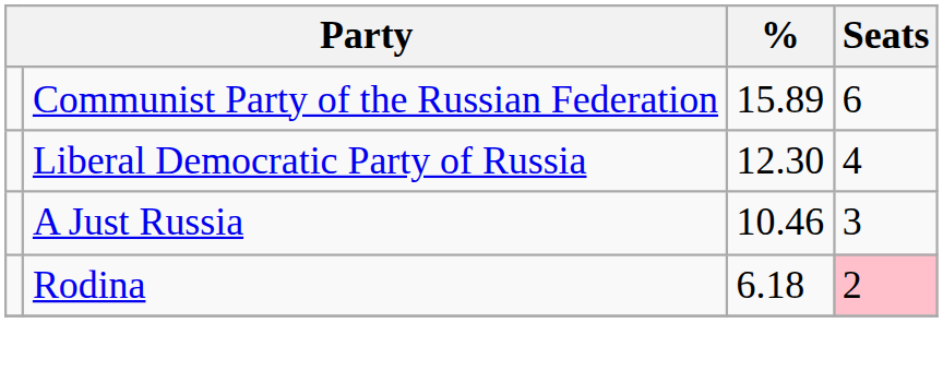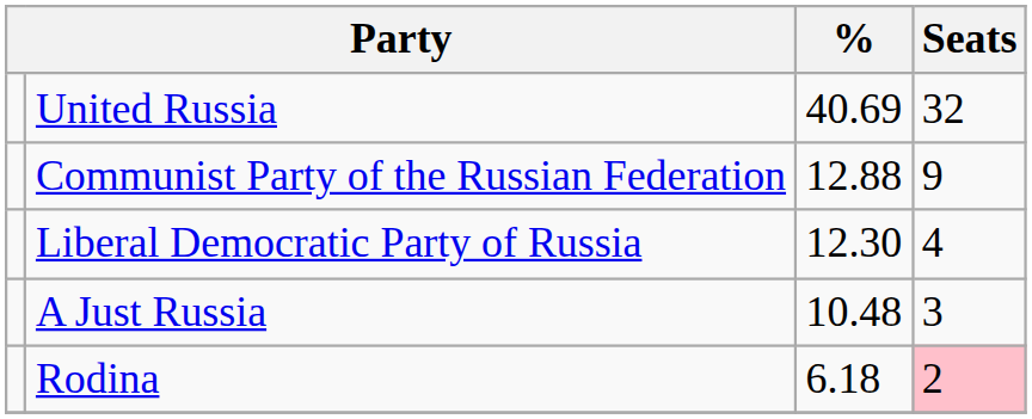 <table class="wikitable">
 <tr>
 <th colspan=2>Party</th>
 <th>%</th>
 <th>Seats</th>
 </tr>
 <tr>
 <td style="background:"></td>
+<td><a href='#'>United Russia</a></td>
+<td>40.69</td>
+<td>32</td>
+</tr>
+<tr>
+<td style="background:"></td>
 <td><a href='#'>Communist Party of the Russian Federation</a></td>
-<td>15.89</td>
-<td>6</td>
+<td>12.88</td>
+<td>9</td>
 </tr>
 <tr>
 <td style="background:"></td>
 <td><a href='#'>Liberal Democratic Party of Russia</a></td>
 <td>12.30</td>
 <td>4</td>
 </tr>
 <tr>
 <td style="background:"></td>
 <td><a href='#'>A Just Russia</a></td>
-<td>10.46</td>
+<td>10.48</td>
 <td>3</td>
 </tr>
 <tr>
 <td style="background:"></td>
 <td><a href='#'>Rodina</a></td>
 <td>6.18</td>
 <td style="background: pink;">2</td>
 </tr>
 <tr>
 </tr>
 </table>
